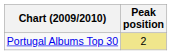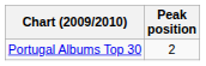 <table class="wikitable sortable">
 <tr>
 <th style="text-align:center;">Chart (2009/2010)</th>
 <th style="text-align:center;">Peak<br>position</th>
 </tr>
 <tr>
 <td align="left"><a href='#'>Portugal Albums Top 30</a></td>
-<td style="background: khaki; text-align:center;">2</td>
+<td style="text-align:center;">2</td>
 </tr>
 </table>
